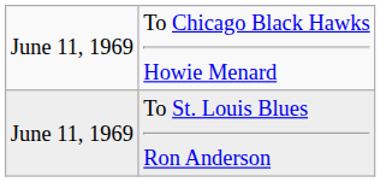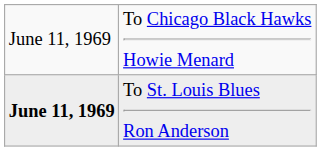 <table class="wikitable">
 <tr>
 <td>June 11, 1969</td>
 <td valign="top">To <a href='#'>Chicago Black Hawks</a><hr><a href='#'>Howie Menard</a></td>
 </tr>
 <tr style="background:#eee;">
-<td>June 11, 1969</td>
+<td><strong>June 11, 1969</strong></td>
 <td valign="top">To <a href='#'>St. Louis Blues</a><hr><a href='#'>Ron Anderson</a></td>
 </tr>
 </table>
